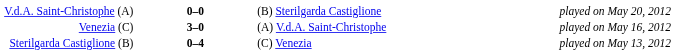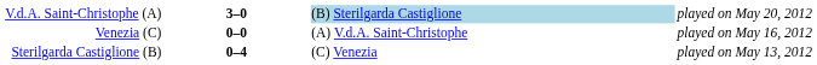 <table width="100%" cellspacing="1">
 <tr>
 <th width="30%"></th>
 <th width="12%"></th>
 <th width="30%"></th>
 <th width="30%'"></th>
 <th></th>
 </tr>
 <tr style="font-size:90%;">
 <td align="right"><a href='#'>V.d.A. Saint-Christophe</a> (A)</td>
-<td align="center"><strong>0–0</strong></td>
-<td align="left">(B) <a href='#'>Sterilgarda Castiglione</a></td>
+<td align="center"><strong>3–0</strong></td>
+<td align="left" style="background: lightblue;">(B) <a href='#'>Sterilgarda Castiglione</a></td>
 <td align="left"><em>played on May 20, 2012</em></td>
 </tr>
 <tr style="font-size:90%;">
 <td align="right"><a href='#'>Venezia</a> (C)</td>
-<td align="center"><strong>3–0</strong></td>
+<td align="center"><strong>0–0</strong></td>
 <td align="left">(A) <a href='#'>V.d.A. Saint-Christophe</a></td>
 <td align="left"><em>played on May 16, 2012</em></td>
 </tr>
 <tr style="font-size:90%;">
 <td align="right"><a href='#'>Sterilgarda Castiglione</a> (B)</td>
 <td align="center"><strong>0–4</strong></td>
 <td align="left">(C) <a href='#'>Venezia</a></td>
 <td align="left"><em>played on May 13, 2012</em></td>
 </tr>
 </table>
